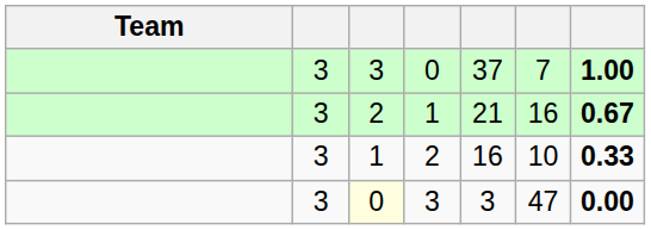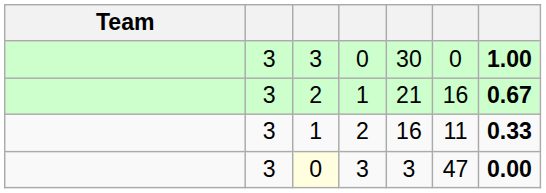 <table class="wikitable" style="text-align: center; font-size:100% ">
 <tr>
 <th width="160">Team</th>
 <th width="25"></th>
 <th width="25"></th>
 <th width="25"></th>
 <th width="25"></th>
 <th width="25"></th>
 <th width="35"></th>
 </tr>
 <tr bgcolor="ccffcc">
 <td align=left></td>
 <td>3</td>
 <td>3</td>
 <td>0</td>
-<td>37</td>
-<td>7</td>
+<td>30</td>
+<td>0</td>
 <td><strong>1.00</strong></td>
 </tr>
 <tr bgcolor="ccffcc">
 <td align=left></td>
 <td>3</td>
 <td>2</td>
 <td>1</td>
 <td>21</td>
 <td>16</td>
 <td><strong>0.67</strong></td>
 </tr>
 <tr>
 <td align=left></td>
 <td>3</td>
 <td>1</td>
 <td>2</td>
 <td>16</td>
-<td>10</td>
+<td>11</td>
 <td><strong>0.33</strong></td>
 </tr>
 <tr>
 <td align=left></td>
 <td>3</td>
 <td style="background: lightyellow;">0</td>
 <td>3</td>
 <td>3</td>
 <td>47</td>
 <td><strong>0.00</strong></td>
 </tr>
 </table>
